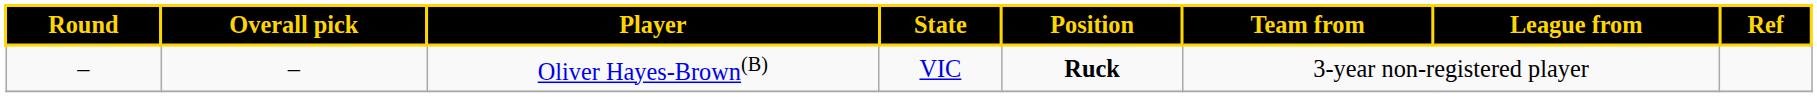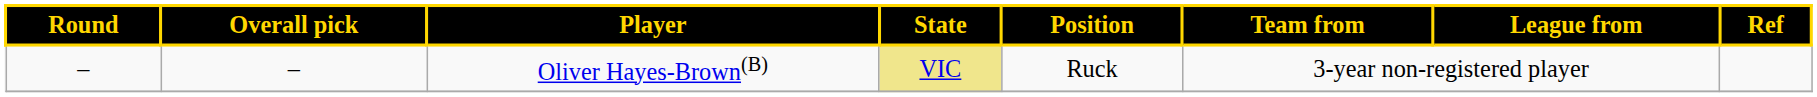 <table class="wikitable" style="text-align:center; font-size:100%; width:60%;">
 <tr>
 <th style="background:black; border: solid gold 2px; color:gold;">Round</th>
 <th style="background:black; border: solid gold 2px; color:gold;">Overall pick</th>
 <th style="background:black; border: solid gold 2px; color:gold;">Player</th>
 <th style="background:black; border: solid gold 2px; color:gold;">State</th>
 <th style="background:black; border: solid gold 2px; color:gold;">Position</th>
 <th style="background:black; border: solid gold 2px; color:gold;">Team from</th>
 <th style="background:black; border: solid gold 2px; color:gold;">League from</th>
 <th style="background:black; border: solid gold 2px; color:gold;">Ref</th>
 </tr>
 <tr>
 <td>–</td>
 <td>–</td>
 <td><a href='#'>Oliver Hayes-Brown</a><sup>(B)</sup></td>
-<td><a href='#'>VIC</a></td>
-<td><strong>Ruck</strong></td>
+<td style="background: khaki;"><a href='#'>VIC</a></td>
+<td>Ruck</td>
 <td colspan=2>3-year non-registered player</td>
 <td></td>
 </tr>
 <tr>
 </tr>
 </table>
